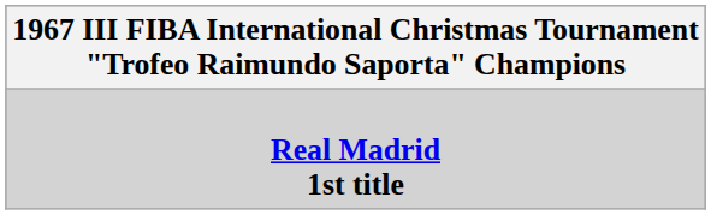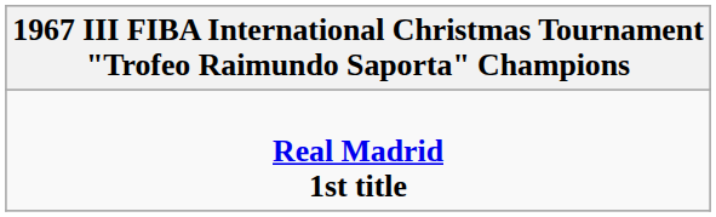 <table class=wikitable style="text-align:center; margin:auto">
 <tr>
 <th>1967 III FIBA International Christmas Tournament<br>"Trofeo Raimundo Saporta" Champions</th>
 </tr>
 <tr>
-<td style="background: lightgrey;"><br><strong><a href='#'>Real Madrid</a></strong><br><strong>1st title</strong></td>
+<td><br><strong><a href='#'>Real Madrid</a></strong><br><strong>1st title</strong></td>
 </tr>
 </table>
